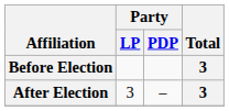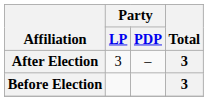 <table class=wikitable style="text-align:center">
 <tr style="vertical-align:bottom;">
 <th rowspan=2>Affiliation</th>
 <th colspan=2>Party</th>
 <th rowspan=2>Total</th>
 </tr>
 <tr>
 <th><a href='#'>LP</a></th>
 <th><a href='#'>PDP</a></th>
 </tr>
 <tr>
+<th>After Election</th>
+<td>3</td>
+<td>–</td>
+<th>3</th>
+</tr>
+<tr>
 <th>Before Election</th>
 <td></td>
 <td></td>
 <th>3</th>
 </tr>
 <tr>
-<th>After Election</th>
-<td>3</td>
-<td>–</td>
-<th>3</th>
-</tr>
-<tr>
 </tr>
 </table>
